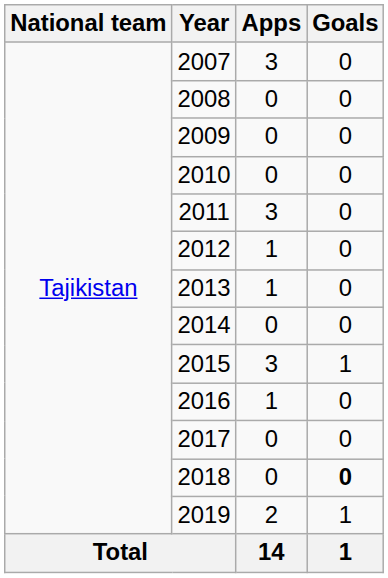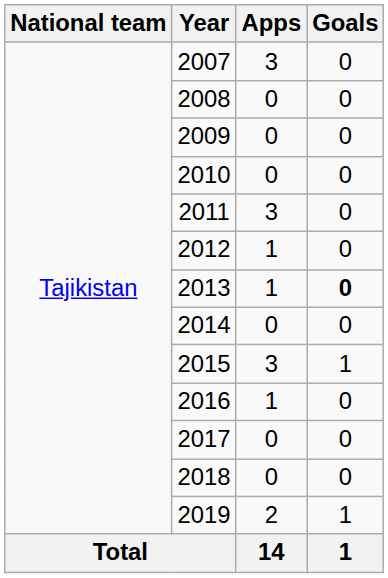 <table class="wikitable" style="text-align:center">
 <tr>
 <th>National team</th>
 <th>Year</th>
 <th>Apps</th>
 <th>Goals</th>
 </tr>
 <tr>
 <td rowspan="13"><a href='#'>Tajikistan</a></td>
 <td>2007</td>
 <td>3</td>
 <td>0</td>
 </tr>
 <tr>
 <td>2008</td>
 <td>0</td>
 <td>0</td>
 </tr>
 <tr>
 <td>2009</td>
 <td>0</td>
 <td>0</td>
 </tr>
 <tr>
 <td>2010</td>
 <td>0</td>
 <td>0</td>
 </tr>
 <tr>
 <td>2011</td>
 <td>3</td>
 <td>0</td>
 </tr>
 <tr>
 <td>2012</td>
 <td>1</td>
 <td>0</td>
 </tr>
 <tr>
 <td>2013</td>
 <td>1</td>
-<td>0</td>
+<td><strong>0</strong></td>
 </tr>
 <tr>
 <td>2014</td>
 <td>0</td>
 <td>0</td>
 </tr>
 <tr>
 <td>2015</td>
 <td>3</td>
 <td>1</td>
 </tr>
 <tr>
 <td>2016</td>
 <td>1</td>
 <td>0</td>
 </tr>
 <tr>
 <td>2017</td>
 <td>0</td>
 <td>0</td>
 </tr>
 <tr>
 <td>2018</td>
 <td>0</td>
-<td><strong>0</strong></td>
+<td>0</td>
 </tr>
 <tr>
 <td>2019</td>
 <td>2</td>
 <td>1</td>
 </tr>
 <tr>
 <th colspan="2">Total</th>
 <th>14</th>
 <th>1</th>
 </tr>
 </table>
